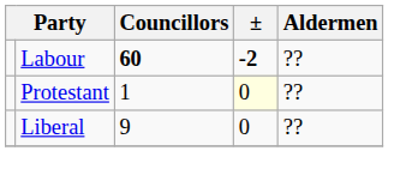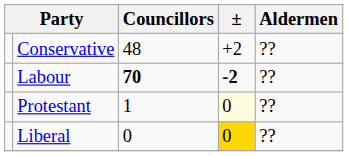 <table class="wikitable">
 <tr>
 <th colspan="2">Party</th>
 <th>Councillors</th>
 <th>  ±  </th>
 <th>Aldermen</th>
 </tr>
 <tr>
 <td style="background-color: "></td>
+<td><a href='#'>Conservative</a></td>
+<td>48</td>
+<td>+2</td>
+<td>??</td>
+</tr>
+<tr>
+<td style="background-color: "></td>
 <td><a href='#'>Labour</a></td>
-<td><strong>60</strong></td>
+<td><strong>70</strong></td>
 <td><strong>-2</strong></td>
 <td>??</td>
 </tr>
 <tr>
 <td style="background-color: "></td>
 <td><a href='#'>Protestant</a></td>
 <td>1</td>
 <td style="background: lightyellow;">0</td>
 <td>??</td>
 </tr>
 <tr>
 <td style="background-color: "></td>
 <td><a href='#'>Liberal</a></td>
-<td>9</td>
 <td>0</td>
+<td style="background: gold;">0</td>
 <td>??</td>
 </tr>
 <tr>
 </tr>
 </table>
